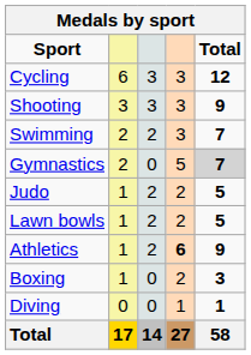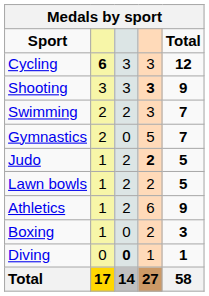 <table class="wikitable" style="text-align:center;font-size:90%">
 <tr style="background:#efefef;">
 <th colspan=5>Medals by sport</th>
 </tr>
 <tr>
 <td><strong>Sport</strong></td>
 <td bgcolor=#f7f6a8></td>
 <td bgcolor=#dce5e5></td>
 <td bgcolor=#ffdab9></td>
 <td><strong>Total</strong></td>
 </tr>
 <tr>
 <td style="text-align:left;"><a href='#'>Cycling</a></td>
-<td style="background:#F7F6A8;">6</td>
+<td style="background:#F7F6A8;"><strong>6</strong></td>
 <td style="background:#DCE5E5;">3</td>
 <td style="background:#FFDAB9;">3</td>
 <td><strong>12</strong></td>
 </tr>
 <tr>
 <td style="text-align:left;"><a href='#'>Shooting</a></td>
 <td style="background:#F7F6A8;">3</td>
 <td style="background:#DCE5E5;">3</td>
-<td style="background:#FFDAB9;">3</td>
+<td style="background:#FFDAB9;"><strong>3</strong></td>
 <td><strong>9</strong></td>
 </tr>
 <tr>
 <td style="text-align:left;"><a href='#'>Swimming</a></td>
 <td style="background:#F7F6A8;">2</td>
 <td style="background:#DCE5E5;">2</td>
 <td style="background:#FFDAB9;">3</td>
 <td><strong>7</strong></td>
 </tr>
 <tr>
 <td style="text-align:left;"><a href='#'>Gymnastics</a></td>
 <td style="background:#F7F6A8;">2</td>
 <td style="background:#DCE5E5;">0</td>
 <td style="background:#FFDAB9;">5</td>
-<td style="background: lightgrey;"><strong>7</strong></td>
+<td><strong>7</strong></td>
 </tr>
 <tr>
 <td style="text-align:left;"><a href='#'>Judo</a></td>
 <td style="background:#F7F6A8;">1</td>
 <td style="background:#DCE5E5;">2</td>
-<td style="background:#FFDAB9;">2</td>
+<td style="background:#FFDAB9;"><strong>2</strong></td>
 <td><strong>5</strong></td>
 </tr>
 <tr>
 <td style="text-align:left;"><a href='#'>Lawn bowls</a></td>
 <td style="background:#F7F6A8;">1</td>
 <td style="background:#DCE5E5;">2</td>
 <td style="background:#FFDAB9;">2</td>
 <td><strong>5</strong></td>
 </tr>
 <tr>
 <td style="text-align:left;"><a href='#'>Athletics</a></td>
 <td style="background:#F7F6A8;">1</td>
 <td style="background:#DCE5E5;">2</td>
-<td style="background:#FFDAB9;"><strong>6</strong></td>
+<td style="background:#FFDAB9;">6</td>
 <td><strong>9</strong></td>
 </tr>
 <tr>
 <td style="text-align:left;"><a href='#'>Boxing</a></td>
 <td style="background:#F7F6A8;">1</td>
 <td style="background:#DCE5E5;">0</td>
 <td style="background:#FFDAB9;">2</td>
 <td><strong>3</strong></td>
 </tr>
 <tr>
 <td style="text-align:left;"><a href='#'>Diving</a></td>
 <td style="background:#F7F6A8;">0</td>
-<td style="background:#DCE5E5;">0</td>
+<td style="background:#DCE5E5;"><strong>0</strong></td>
 <td style="background:#FFDAB9;">1</td>
 <td><strong>1</strong></td>
 </tr>
 <tr>
 <th style="text-align:left;">Total</th>
 <th style="background:gold;">17</th>
 <th style="background:silver;">14</th>
 <th style="background:#c96;">27</th>
 <th>58</th>
 </tr>
 </table>
